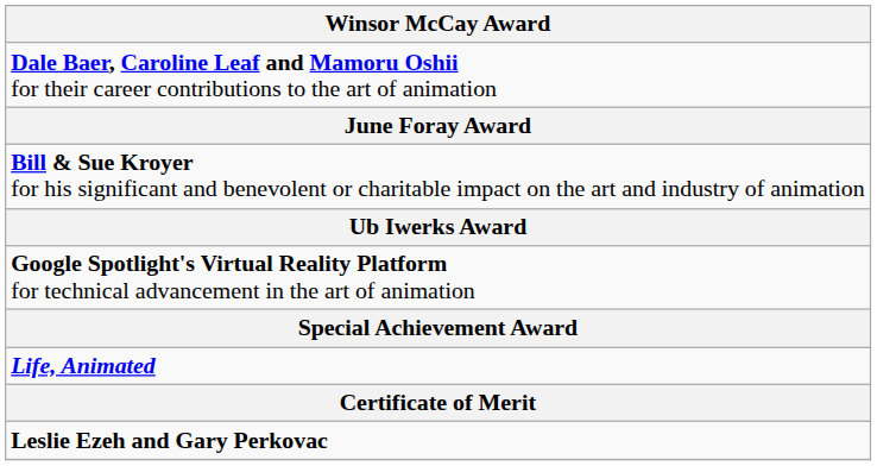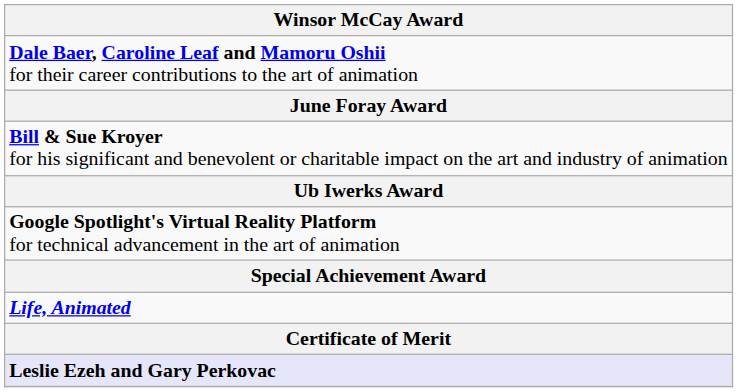 <table class=wikitable style="width=100%">
 <tr>
 <th style="width=50%">Winsor McCay Award</th>
 </tr>
 <tr>
 <td valign="top"><strong><a href='#'>Dale Baer</a>, <a href='#'>Caroline Leaf</a> and <a href='#'>Mamoru Oshii</a></strong><br>for their career contributions to the art of animation</td>
 </tr>
 <tr>
 <th style="width=50%">June Foray Award</th>
 </tr>
 <tr>
 <td valign="top"><strong><a href='#'>Bill</a> & Sue Kroyer</strong><br> for his significant and benevolent or charitable impact on the art and industry of animation</td>
 </tr>
 <tr>
 <th style="width=50%">Ub Iwerks Award</th>
 </tr>
 <tr>
 <td valign="top"><strong>Google Spotlight's Virtual Reality Platform</strong><br> for technical advancement in the art of animation</td>
 </tr>
 <tr>
 <th style="width=50%">Special Achievement Award</th>
 </tr>
 <tr>
 <td valign="top"><strong><em><a href='#'>Life, Animated</a></em></strong></td>
 </tr>
 <tr>
 <th style="width=50%">Certificate of Merit</th>
 </tr>
 <tr>
-<td valign="top"><strong>Leslie Ezeh and Gary Perkovac</strong></td>
+<td valign="top" style="background: lavender;"><strong>Leslie Ezeh and Gary Perkovac</strong></td>
 </tr>
 <tr>
 </tr>
 </table>
